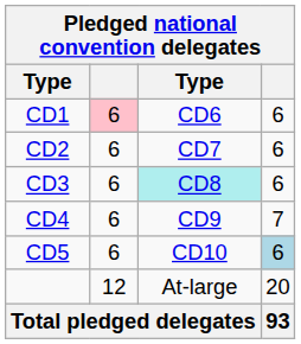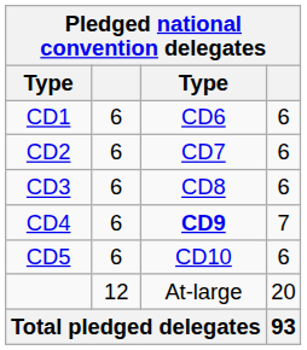 <table class="wikitable sortable" style="font-size:90%;text-align:center;float:none;padding:5px;">
 <tr>
 <th colspan="4">Pledged <a href='#'>national<br>convention</a> delegates</th>
 </tr>
 <tr>
 <th>Type</th>
 <th></th>
 <th>Type</th>
 <th></th>
 </tr>
 <tr>
 <td><a href='#'>CD1</a></td>
-<td style="background: pink;">6</td>
+<td>6</td>
 <td><a href='#'>CD6</a></td>
 <td>6</td>
 </tr>
 <tr>
 <td><a href='#'>CD2</a></td>
 <td>6</td>
 <td><a href='#'>CD7</a></td>
 <td>6</td>
 </tr>
 <tr>
 <td><a href='#'>CD3</a></td>
 <td>6</td>
-<td style="background: paleturquoise;"><a href='#'>CD8</a></td>
+<td><a href='#'>CD8</a></td>
 <td>6</td>
 </tr>
 <tr>
 <td><a href='#'>CD4</a></td>
 <td>6</td>
-<td><a href='#'>CD9</a></td>
+<td><strong><a href='#'>CD9</a></strong></td>
 <td>7</td>
 </tr>
 <tr>
 <td><a href='#'>CD5</a></td>
 <td>6</td>
 <td><a href='#'>CD10</a></td>
-<td style="background: lightblue;">6</td>
+<td>6</td>
 </tr>
 <tr>
 <td></td>
 <td>12</td>
 <td>At-large</td>
 <td>20</td>
 </tr>
 <tr>
 <th colspan="3">Total pledged delegates</th>
 <th>93</th>
 </tr>
 </table>
